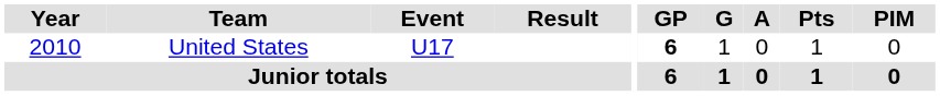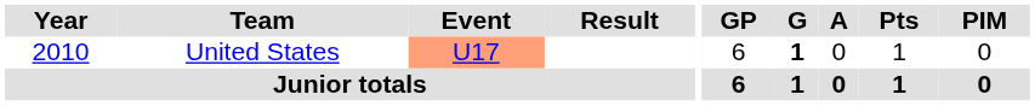 <table border="0" cellpadding="1" cellspacing="0" ID="Table3" style="text-align:center; width:40em">
 <tr ALIGN="center" bgcolor="#e0e0e0">
 <th>Year</th>
 <th>Team</th>
 <th>Event</th>
 <th>Result</th>
 <th rowspan="99" bgcolor="#ffffff"></th>
 <th>GP</th>
 <th>G</th>
 <th>A</th>
 <th>Pts</th>
 <th>PIM</th>
 </tr>
 <tr>
 <td><a href='#'>2010</a></td>
 <td><a href='#'>United States</a></td>
-<td><a href='#'>U17</a></td>
+<td style="background: lightsalmon;"><a href='#'>U17</a></td>
 <td></td>
-<td><strong>6</strong></td>
-<td>1</td>
+<td>6</td>
+<td><strong>1</strong></td>
 <td>0</td>
 <td>1</td>
 <td>0</td>
 </tr>
 <tr bgcolor="#e0e0e0">
 <th colspan="4">Junior totals</th>
 <th>6</th>
 <th>1</th>
 <th>0</th>
 <th>1</th>
 <th>0</th>
 </tr>
 </table>
